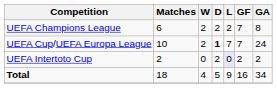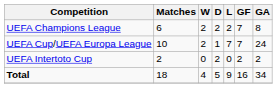 <table class="wikitable">
 <tr>
 <th>Competition</th>
 <th>Matches</th>
 <th>W</th>
 <th>D</th>
 <th>L</th>
 <th>GF</th>
 <th>GA</th>
 </tr>
 <tr>
 <td><a href='#'>UEFA Champions League</a></td>
 <td>6</td>
 <td>2</td>
 <td>2</td>
 <td>2</td>
 <td>7</td>
 <td>8</td>
 </tr>
 <tr>
 <td><a href='#'>UEFA Cup</a>/<a href='#'>UEFA Europa League</a></td>
 <td>10</td>
 <td>2</td>
-<td><strong>1</strong></td>
+<td>1</td>
 <td>7</td>
 <td>7</td>
 <td>24</td>
 </tr>
 <tr>
 <td><a href='#'>UEFA Intertoto Cup</a></td>
 <td>2</td>
 <td>0</td>
 <td>2</td>
-<td style="background: lavender;">0</td>
+<td>0</td>
 <td>2</td>
 <td>2</td>
 </tr>
 <tr>
 <td><strong>Total</strong></td>
 <td>18</td>
 <td>4</td>
 <td>5</td>
 <td>9</td>
 <td>16</td>
 <td>34</td>
 </tr>
 <tr>
 </tr>
 </table>
